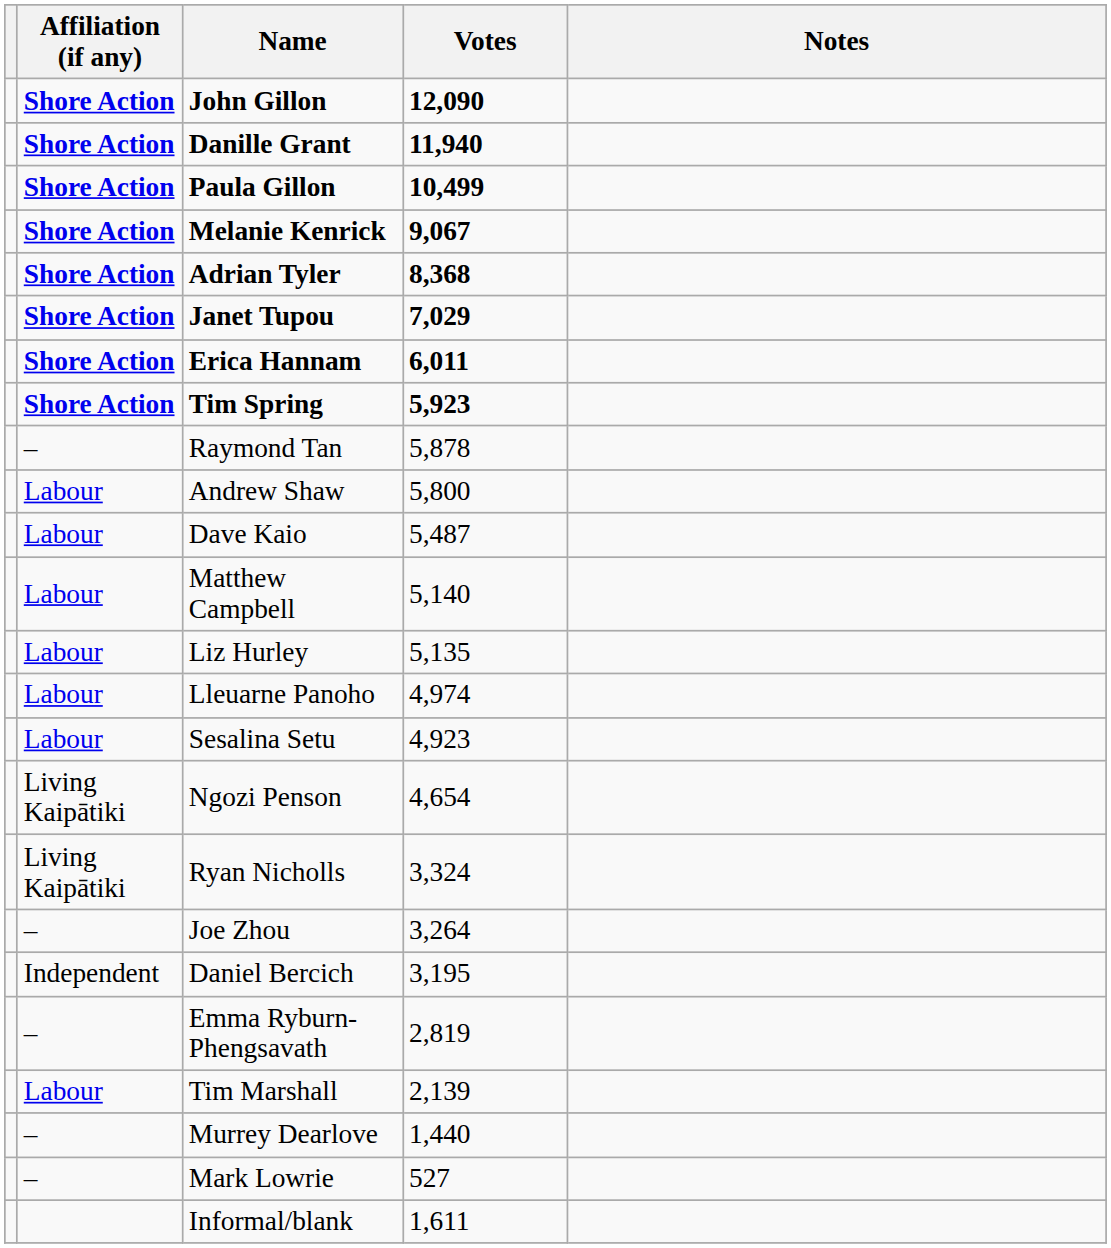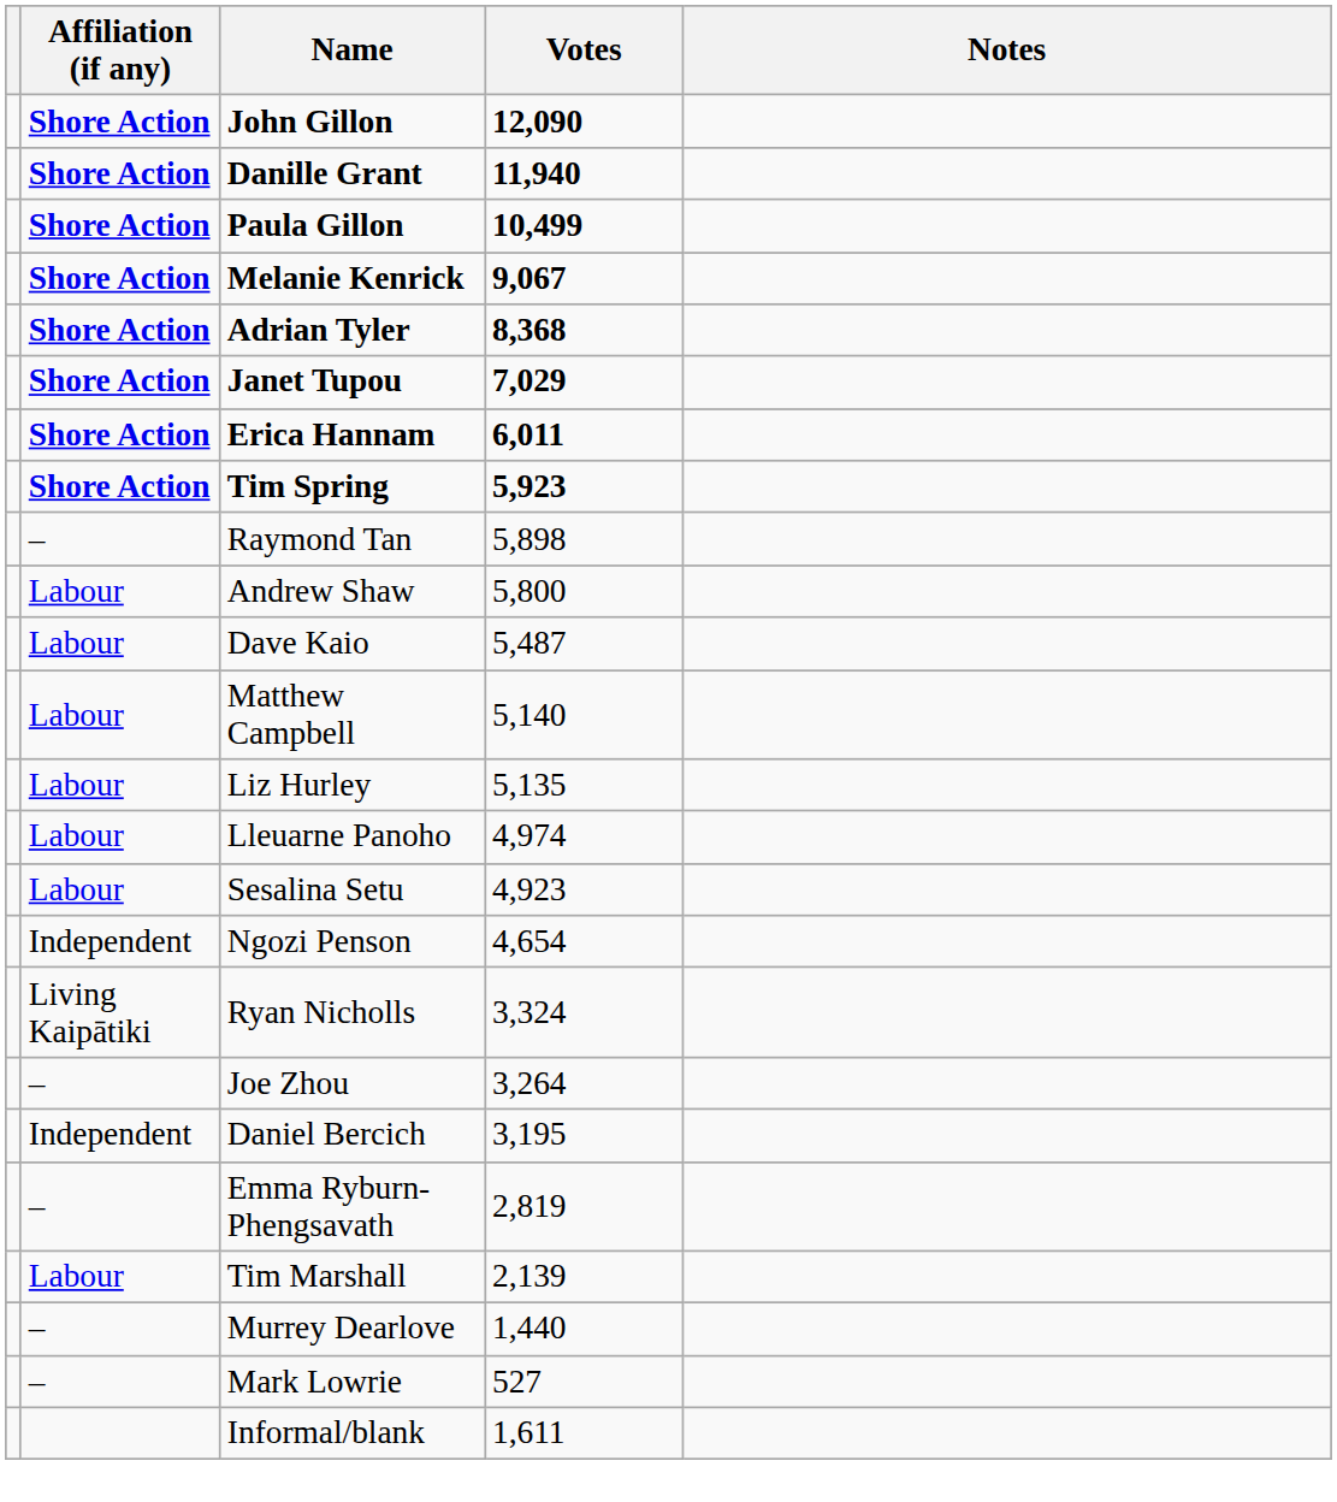 <table class="wikitable" style="width:51%;">
 <tr>
 <th style="width:1%;"></th>
 <th style="width:15%;">Affiliation (if any)</th>
 <th style="width:20%;">Name</th>
 <th style="width:15%;">Votes</th>
 <th>Notes</th>
 </tr>
 <tr>
 <td bgcolor=></td>
 <td><strong><a href='#'>Shore Action</a></strong></td>
 <td><strong>John Gillon</strong></td>
 <td><strong>12,090</strong></td>
 <td></td>
 </tr>
 <tr>
 <td bgcolor=></td>
 <td><strong><a href='#'>Shore Action</a></strong></td>
 <td><strong>Danille Grant</strong></td>
 <td><strong>11,940</strong></td>
 <td></td>
 </tr>
 <tr>
 <td bgcolor=></td>
 <td><strong><a href='#'>Shore Action</a></strong></td>
 <td><strong>Paula Gillon</strong></td>
 <td><strong>10,499</strong></td>
 <td></td>
 </tr>
 <tr>
 <td bgcolor=></td>
 <td><strong><a href='#'>Shore Action</a></strong></td>
 <td><strong>Melanie Kenrick</strong></td>
 <td><strong>9,067</strong></td>
 <td></td>
 </tr>
 <tr>
 <td bgcolor=></td>
 <td><strong><a href='#'>Shore Action</a></strong></td>
 <td><strong>Adrian Tyler</strong></td>
 <td><strong>8,368</strong></td>
 <td></td>
 </tr>
 <tr>
 <td bgcolor=></td>
 <td><strong><a href='#'>Shore Action</a></strong></td>
 <td><strong>Janet Tupou</strong></td>
 <td><strong>7,029</strong></td>
 <td></td>
 </tr>
 <tr>
 <td bgcolor=></td>
 <td><strong><a href='#'>Shore Action</a></strong></td>
 <td><strong>Erica Hannam</strong></td>
 <td><strong>6,011</strong></td>
 <td></td>
 </tr>
 <tr>
 <td bgcolor=></td>
 <td><strong><a href='#'>Shore Action</a></strong></td>
 <td><strong>Tim Spring </strong></td>
 <td><strong>5,923</strong></td>
 <td></td>
 </tr>
 <tr>
 <td></td>
 <td>–</td>
 <td>Raymond Tan</td>
-<td>5,878</td>
+<td>5,898</td>
 <td></td>
 </tr>
 <tr>
 <td></td>
 <td><a href='#'>Labour</a></td>
 <td>Andrew Shaw</td>
 <td>5,800</td>
 <td></td>
 </tr>
 <tr>
 <td bgcolor=></td>
 <td><a href='#'>Labour</a></td>
 <td>Dave Kaio</td>
 <td>5,487</td>
 <td></td>
 </tr>
 <tr>
 <td></td>
 <td><a href='#'>Labour</a></td>
 <td>Matthew Campbell</td>
 <td>5,140</td>
 <td></td>
 </tr>
 <tr>
 <td></td>
 <td><a href='#'>Labour</a></td>
 <td>Liz Hurley</td>
 <td>5,135</td>
 <td></td>
 </tr>
 <tr>
 <td></td>
 <td><a href='#'>Labour</a></td>
 <td>Lleuarne Panoho</td>
 <td>4,974</td>
 <td></td>
 </tr>
 <tr>
 <td></td>
 <td><a href='#'>Labour</a></td>
 <td>Sesalina Setu</td>
 <td>4,923</td>
 <td></td>
 </tr>
 <tr>
 <td bgcolor=></td>
-<td>Living Kaipātiki</td>
+<td>Independent</td>
 <td>Ngozi Penson</td>
 <td>4,654</td>
 <td></td>
 </tr>
 <tr>
 <td bgcolor=></td>
 <td>Living Kaipātiki</td>
 <td>Ryan Nicholls</td>
 <td>3,324</td>
 <td></td>
 </tr>
 <tr>
 <td bgcolor=></td>
 <td>–</td>
 <td>Joe Zhou</td>
 <td>3,264</td>
 <td></td>
 </tr>
 <tr>
 <td bgcolor=></td>
 <td>Independent</td>
 <td>Daniel Bercich</td>
 <td>3,195</td>
 <td></td>
 </tr>
 <tr>
 <td bgcolor=></td>
 <td>–</td>
 <td>Emma Ryburn-Phengsavath</td>
 <td>2,819</td>
 <td></td>
 </tr>
 <tr>
 <td bgcolor=></td>
 <td><a href='#'>Labour</a></td>
 <td>Tim Marshall</td>
 <td>2,139</td>
 <td></td>
 </tr>
 <tr>
 <td bgcolor=></td>
 <td>–</td>
 <td>Murrey Dearlove</td>
 <td>1,440</td>
 <td></td>
 </tr>
 <tr>
 <td bgcolor=></td>
 <td>–</td>
 <td>Mark Lowrie</td>
 <td>527</td>
 <td></td>
 </tr>
 <tr>
 <td></td>
 <td></td>
 <td>Informal/blank</td>
 <td>1,611</td>
 <td></td>
 </tr>
 </table>
